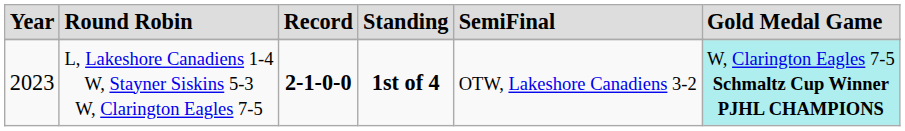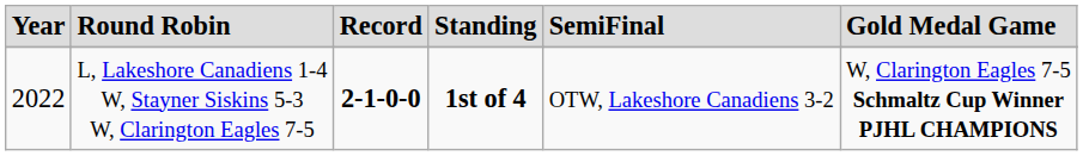 <table class="wikitable">
 <tr style="font-weight:bold; background-color:#dddddd;" |>
 <td>Year</td>
 <td>Round Robin</td>
 <td>Record</td>
 <td>Standing</td>
 <td>SemiFinal</td>
 <td>Gold Medal Game</td>
 </tr>
 <tr align=center>
 </tr>
 <tr align=center>
-<td>2023</td>
+<td>2022</td>
 <td><small>L, <a href='#'>Lakeshore Canadiens</a> 1-4<br>W, <a href='#'>Stayner Siskins</a> 5-3<br>W, <a href='#'>Clarington Eagles</a> 7-5</small></td>
 <td><strong>2-1-0-0</strong></td>
 <td><strong>1st of 4</strong></td>
 <td><small>OTW, <a href='#'>Lakeshore Canadiens</a> 3-2</small></td>
-<td style="background: paleturquoise;"><small>W, <a href='#'>Clarington Eagles</a> 7-5<br><strong>Schmaltz Cup Winner</strong><br><strong>PJHL CHAMPIONS</strong></small></td>
+<td><small>W, <a href='#'>Clarington Eagles</a> 7-5<br><strong>Schmaltz Cup Winner</strong><br><strong>PJHL CHAMPIONS</strong></small></td>
 </tr>
 </table>
